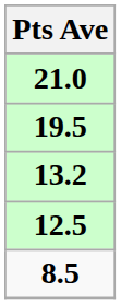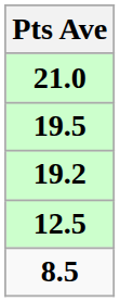 <table class="wikitable" style="text-align: center;">
 <tr>
 <th>Pts Ave</th>
 </tr>
 <tr>
 <td style="background:#ccffcc;"><strong>21.0</strong></td>
 </tr>
 <tr>
 <td style="background:#ccffcc;"><strong>19.5</strong></td>
 </tr>
 <tr>
-<td style="background:#ccffcc;"><strong>13.2</strong></td>
+<td style="background:#ccffcc;"><strong>19.2</strong></td>
 </tr>
 <tr>
 <td style="background:#ccffcc;"><strong>12.5</strong></td>
 </tr>
 <tr>
 <td><strong>8.5</strong></td>
 </tr>
 </table>
